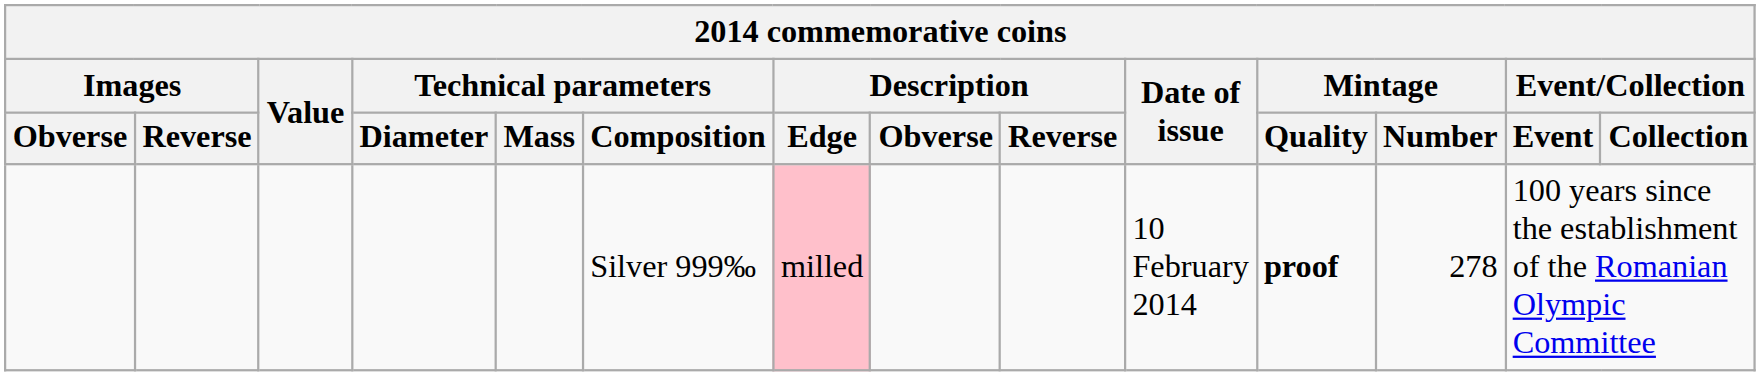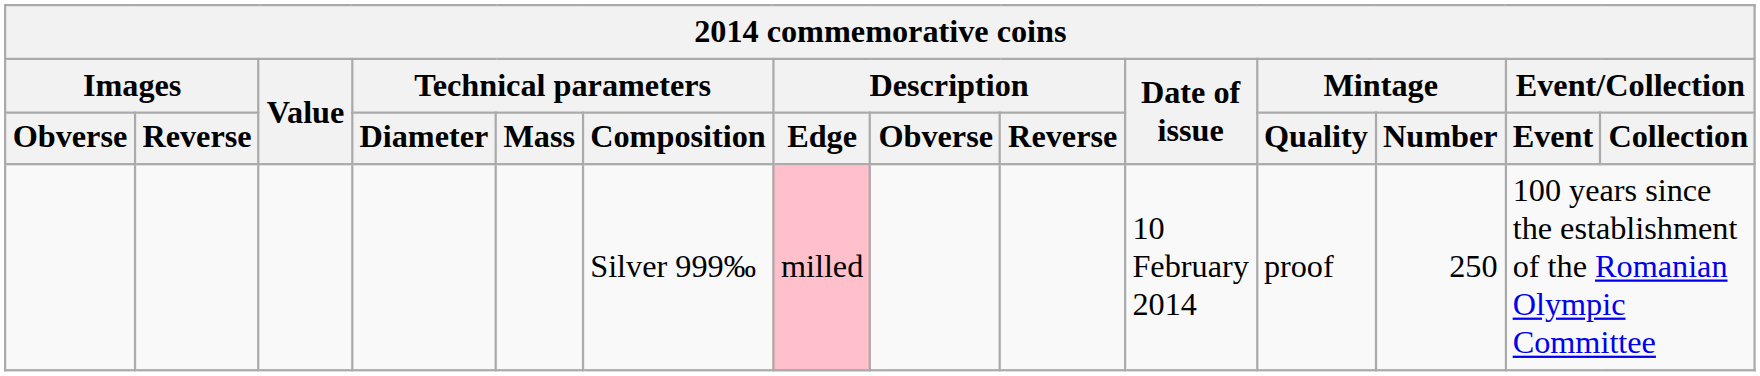 <table class="wikitable" style="font-size: 90%">
 <tr>
 <th colspan="14">2014 commemorative coins</th>
 </tr>
 <tr>
 <th colspan="2">Images</th>
 <th rowspan="2">Value</th>
 <th colspan="3">Technical parameters</th>
 <th colspan="3">Description</th>
 <th rowspan="2">Date of issue</th>
 <th colspan="2">Mintage</th>
 <th colspan="2">Event/Collection</th>
 </tr>
 <tr>
 <th>Obverse</th>
 <th>Reverse</th>
 <th>Diameter</th>
 <th>Mass</th>
 <th>Composition</th>
 <th>Edge</th>
 <th>Obverse</th>
 <th>Reverse</th>
 <th>Quality</th>
 <th>Number</th>
 <th>Event</th>
 <th>Collection</th>
 </tr>
 <tr>
 <td></td>
 <td></td>
 <td align="right"></td>
 <td align="right"></td>
 <td align="right"></td>
 <td>Silver 999‰</td>
 <td style="background: pink;">milled</td>
 <td></td>
 <td></td>
 <td>10 February 2014</td>
-<td><strong>proof</strong></td>
-<td align="right">278</td>
+<td>proof</td>
+<td align="right">250</td>
 <td colspan="2">100 years since the establishment of the <a href='#'>Romanian Olympic Committee</a></td>
 </tr>
 </table>
